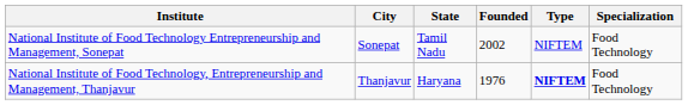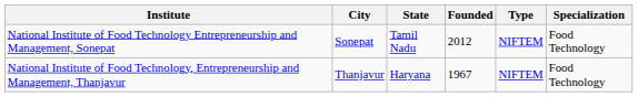 <table class="wikitable sortable" style="width:90%; font-size:95%">
 <tr align=center>
 <th>Institute</th>
 <th>City</th>
 <th>State</th>
 <th>Founded</th>
 <th>Type</th>
 <th>Specialization</th>
 </tr>
 <tr>
 <td><a href='#'>National Institute of Food Technology Entrepreneurship and Management, Sonepat</a></td>
 <td><a href='#'>Sonepat</a></td>
 <td><a href='#'>Tamil Nadu</a></td>
-<td>2002</td>
+<td>2012</td>
 <td><a href='#'>NIFTEM</a></td>
 <td>Food Technology</td>
 </tr>
 <tr>
 <td><a href='#'>National Institute of Food Technology, Entrepreneurship and Management, Thanjavur</a></td>
 <td><a href='#'>Thanjavur</a></td>
 <td><a href='#'>Haryana</a></td>
-<td>1976</td>
-<td><strong><a href='#'>NIFTEM</a></strong></td>
+<td>1967</td>
+<td><a href='#'>NIFTEM</a></td>
 <td>Food Technology</td>
 </tr>
 </table>
